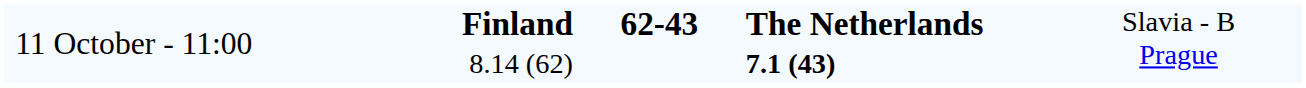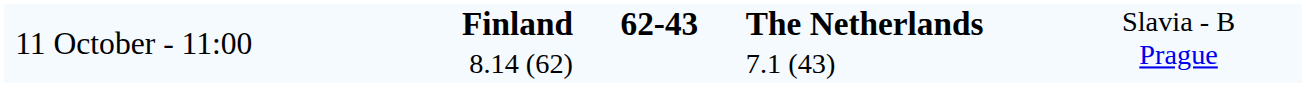 <table style="width: 100%; background:#F5FAFF;" cellspacing="0">
 <tr>
 <td style=font-size:95% align=center rowspan=3 width=20%>11 October - 11:00</td>
 </tr>
 <tr>
 <td width=24% align=right><strong>Finland</strong></td>
 <td align=center width=13%><strong>62-43</strong></td>
 <td width=24%><strong>The Netherlands</strong></td>
 <td style=font-size:85% rowspan=3 valign=top align=center>Slavia - B <br><a href='#'>Prague</a></td>
 </tr>
 <tr style=font-size:85%>
 <td align=right>8.14 (62)</td>
 <td align=center></td>
-<td><strong>7.1 (43)</strong></td>
+<td>7.1 (43)</td>
 </tr>
 </table>
